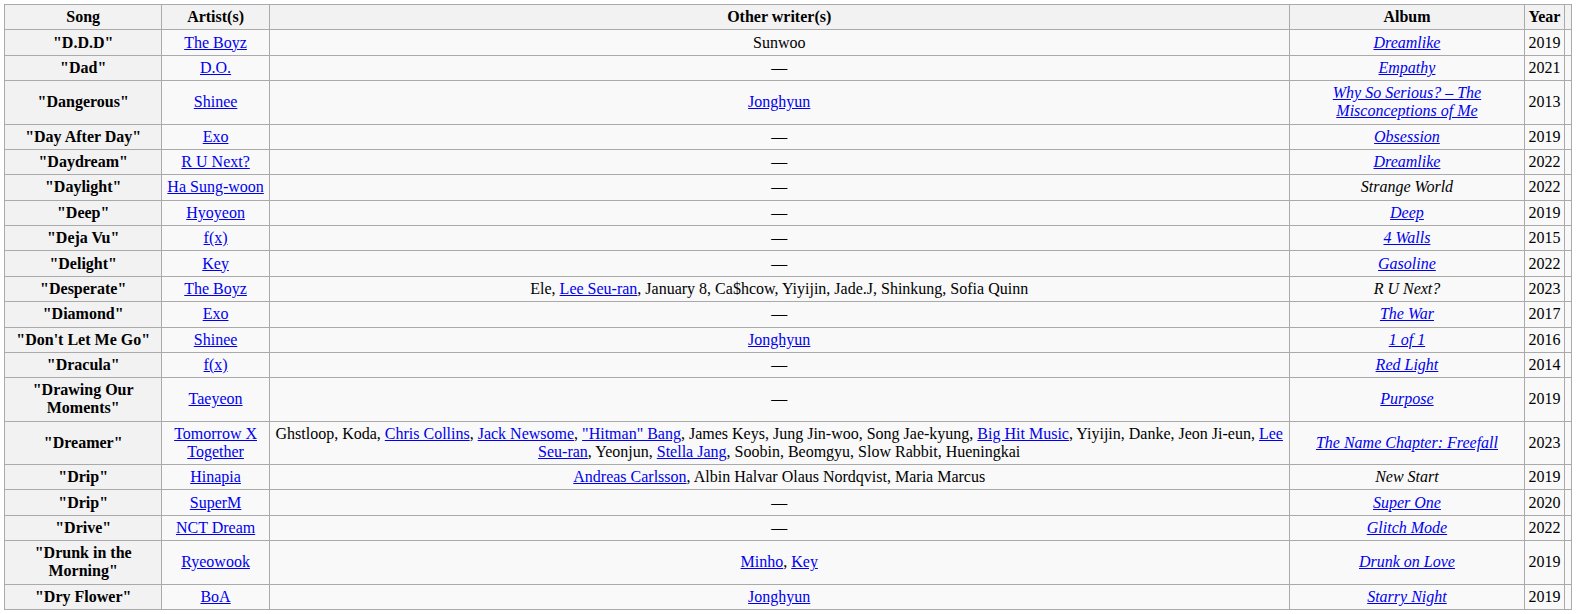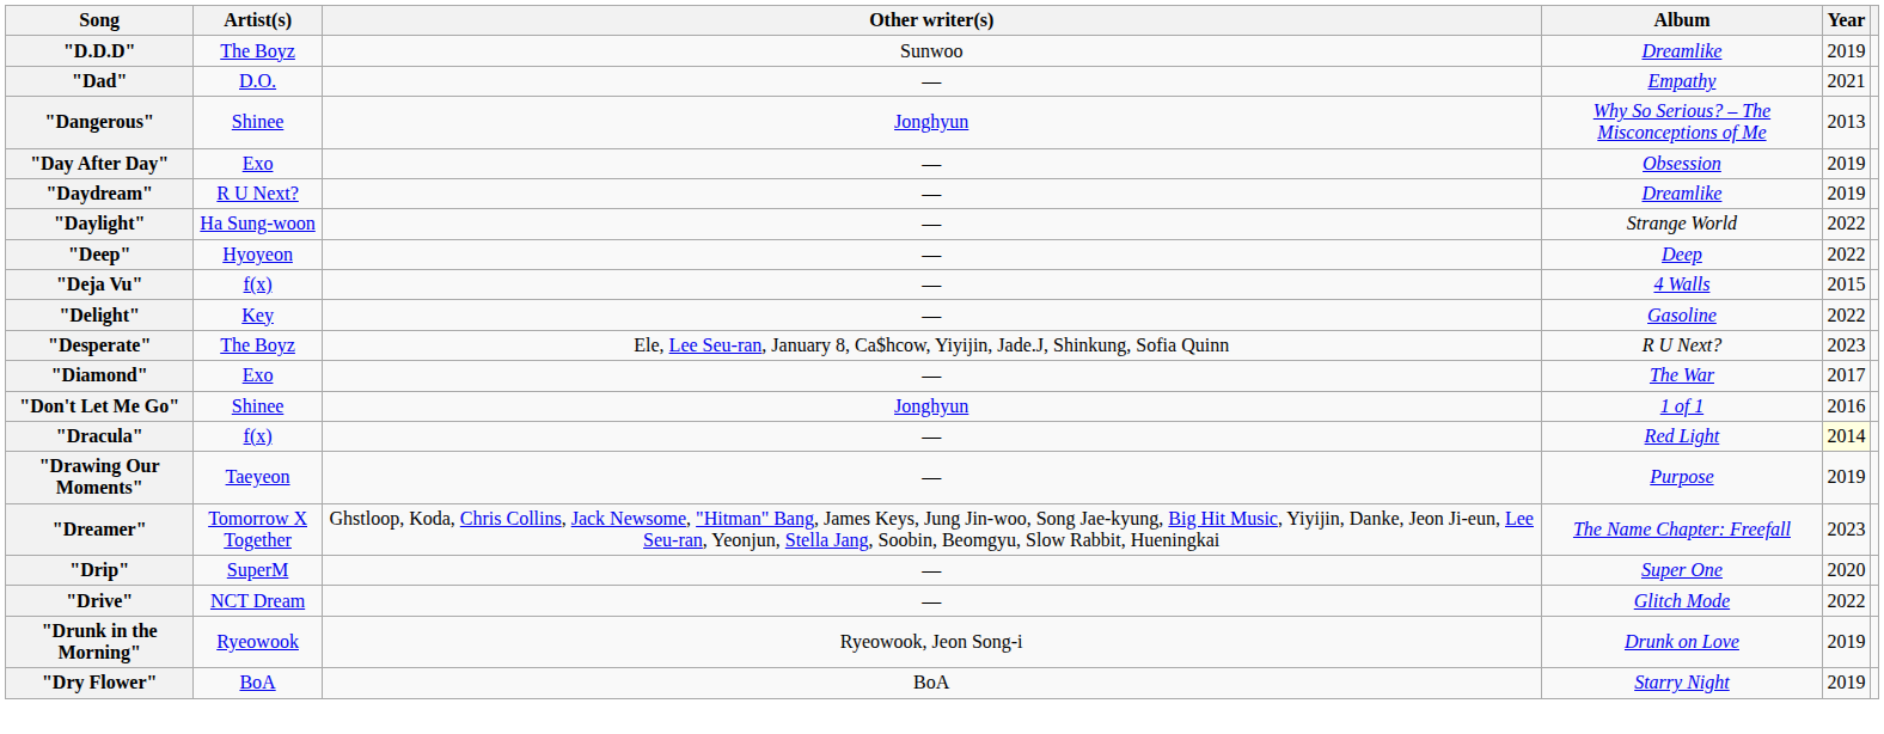 <table class="wikitable sortable plainrowheaders" style="text-align:center;">
 <tr>
 <th scope="col" width="150">Song</th>
 <th scope="col" width="100">Artist(s)</th>
 <th scope="col" class="unsortable">Other writer(s)</th>
 <th scope="col" data-sort-type="text">Album</th>
 <th scope="col">Year</th>
 <th scope="col" class="unsortable"></th>
 </tr>
 <tr>
 <th scope="row">"D.D.D"</th>
 <td><a href='#'>The Boyz</a></td>
 <td>Sunwoo</td>
 <td><em><a href='#'>Dreamlike</a></em></td>
 <td>2019</td>
 <td style="text-align:center;"></td>
 </tr>
 <tr>
 <th scope="row">"Dad"</th>
 <td><a href='#'>D.O.</a></td>
 <td>—</td>
 <td><em><a href='#'>Empathy</a></em></td>
 <td>2021</td>
 <td style="text-align:center;"></td>
 </tr>
 <tr>
 <th scope="row">"Dangerous"</th>
 <td><a href='#'>Shinee</a></td>
 <td><a href='#'>Jonghyun</a></td>
 <td><em><a href='#'>Why So Serious? – The Misconceptions of Me</a></em></td>
 <td>2013</td>
 <td style="text-align:center;"></td>
 </tr>
 <tr>
 <th scope="row">"Day After Day"</th>
 <td><a href='#'>Exo</a></td>
 <td>—</td>
 <td><em><a href='#'>Obsession</a></em></td>
 <td>2019</td>
 <td style="text-align:center;"></td>
 </tr>
 <tr>
 <th scope="row">"Daydream"</th>
 <td><a href='#'>R U Next?</a></td>
 <td>—</td>
 <td><em><a href='#'>Dreamlike</a></em></td>
-<td>2022</td>
+<td>2019</td>
 <td style="text-align:center;"></td>
 </tr>
 <tr>
 <th scope="row">"Daylight"</th>
 <td><a href='#'>Ha Sung-woon</a></td>
 <td>—</td>
 <td><em>Strange World</em></td>
 <td>2022</td>
 <td style="text-align:center;"></td>
 </tr>
 <tr>
 <th scope="row">"Deep"</th>
 <td><a href='#'>Hyoyeon</a></td>
 <td>—</td>
 <td><em><a href='#'>Deep</a></em></td>
-<td>2019</td>
+<td>2022</td>
 <td style="text-align:center;"></td>
 </tr>
 <tr>
 <th scope="row">"Deja Vu"</th>
 <td><a href='#'>f(x)</a></td>
 <td>—</td>
 <td><em><a href='#'>4 Walls</a></em></td>
 <td>2015</td>
 <td style="text-align:center;"></td>
 </tr>
 <tr>
 <th scope="row">"Delight"</th>
 <td><a href='#'>Key</a></td>
 <td>—</td>
 <td><em><a href='#'>Gasoline</a></em></td>
 <td>2022</td>
 <td style="text-align:center;"></td>
 </tr>
 <tr>
 <th scope="row">"Desperate"</th>
 <td><a href='#'>The Boyz</a></td>
 <td>Ele, <a href='#'>Lee Seu-ran</a>, January 8, Ca$hcow, Yiyijin, Jade.J, Shinkung, Sofia Quinn</td>
 <td><em>R U Next?</em></td>
 <td>2023</td>
 <td style="text-align:center;"></td>
 </tr>
 <tr>
 <th scope="row">"Diamond"</th>
 <td><a href='#'>Exo</a></td>
 <td>—</td>
 <td><em><a href='#'>The War</a></em></td>
 <td>2017</td>
 <td style="text-align:center;"></td>
 </tr>
 <tr>
 <th scope="row">"Don't Let Me Go"</th>
 <td><a href='#'>Shinee</a></td>
 <td><a href='#'>Jonghyun</a></td>
 <td><em><a href='#'>1 of 1</a></em></td>
 <td>2016</td>
 <td style="text-align:center;"></td>
 </tr>
 <tr>
 <th scope="row">"Dracula"</th>
 <td><a href='#'>f(x)</a></td>
 <td>—</td>
 <td><em><a href='#'>Red Light</a></em></td>
-<td>2014</td>
+<td style="background: lightyellow;">2014</td>
 <td style="text-align:center;"></td>
 </tr>
 <tr>
 <th scope="row">"Drawing Our Moments"</th>
 <td><a href='#'>Taeyeon</a></td>
 <td>—</td>
 <td><em><a href='#'>Purpose</a></em></td>
 <td>2019</td>
 <td style="text-align:center;"></td>
 </tr>
 <tr>
 <th scope="row">"Dreamer"</th>
 <td><a href='#'>Tomorrow X Together</a></td>
 <td>Ghstloop, Koda, <a href='#'>Chris Collins</a>, <a href='#'>Jack Newsome</a>, <a href='#'>"Hitman" Bang</a>, James Keys, Jung Jin-woo, Song Jae-kyung, <a href='#'>Big Hit Music</a>, Yiyijin, Danke, Jeon Ji-eun, <a href='#'>Lee Seu-ran</a>, Yeonjun, <a href='#'>Stella Jang</a>, Soobin, Beomgyu, Slow Rabbit, Hueningkai</td>
 <td><em><a href='#'>The Name Chapter: Freefall</a></em></td>
 <td>2023</td>
-<td style="text-align:center;"></td>
-</tr>
-<tr>
-<th scope="row">"Drip"</th>
-<td><a href='#'>Hinapia</a></td>
-<td><a href='#'>Andreas Carlsson</a>, Albin Halvar Olaus Nordqvist, Maria Marcus</td>
-<td><em>New Start</em></td>
-<td>2019</td>
 <td style="text-align:center;"></td>
 </tr>
 <tr>
 <th scope="row">"Drip"</th>
 <td><a href='#'>SuperM</a></td>
 <td>—</td>
 <td><em><a href='#'>Super One</a></em></td>
 <td>2020</td>
 <td style="text-align:center;"></td>
 </tr>
 <tr>
 <th scope="row">"Drive"</th>
 <td><a href='#'>NCT Dream</a></td>
 <td>—</td>
 <td><em><a href='#'>Glitch Mode</a></em></td>
 <td>2022</td>
 <td style="text-align:center;"></td>
 </tr>
 <tr>
 <th scope="row">"Drunk in the Morning"</th>
 <td><a href='#'>Ryeowook</a></td>
-<td><a href='#'>Minho</a>, <a href='#'>Key</a></td>
+<td>Ryeowook, Jeon Song-i</td>
 <td><em><a href='#'>Drunk on Love</a></em></td>
 <td>2019</td>
 <td style="text-align:center;"></td>
 </tr>
 <tr>
 <th scope="row">"Dry Flower"</th>
 <td><a href='#'>BoA</a></td>
-<td><a href='#'>Jonghyun</a></td>
+<td>BoA</td>
 <td><em><a href='#'>Starry Night</a></em></td>
 <td>2019</td>
 <td style="text-align:center;"></td>
 </tr>
 </table>
